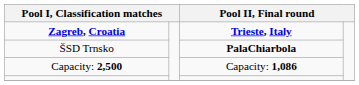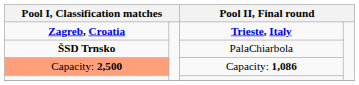 <table class="wikitable" style="text-align: center;">
 <tr>
 <th colspan="2" style="width: 50%;">Pool I, Classification matches</th>
 <th colspan="2" style="width: 50%;">Pool II, Final round</th>
 </tr>
 <tr>
 <td><strong> <a href='#'>Zagreb</a>, <a href='#'>Croatia</a></strong></td>
 <td rowspan="4"></td>
 <td><strong> <a href='#'>Trieste</a>, <a href='#'>Italy</a></strong></td>
 <td rowspan="4"></td>
 </tr>
 <tr>
-<td>ŠSD Trnsko</td>
-<td><strong>PalaChiarbola</strong></td>
+<td><strong>ŠSD Trnsko</strong></td>
+<td>PalaChiarbola</td>
 </tr>
 <tr>
-<td>Capacity: <strong>2,500</strong></td>
+<td style="background: lightsalmon;">Capacity: <strong>2,500</strong></td>
 <td>Capacity: <strong>1,086</strong></td>
 </tr>
 <tr>
 <td></td>
 <td></td>
 </tr>
 <tr>
 </tr>
 </table>
